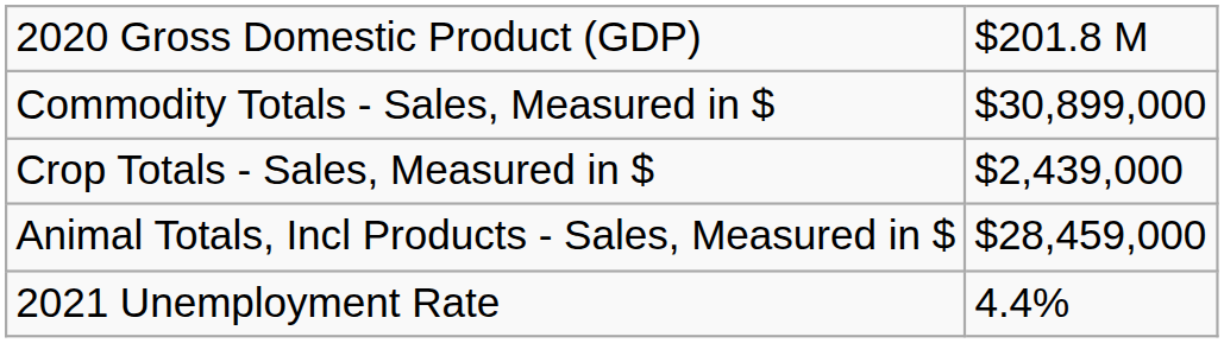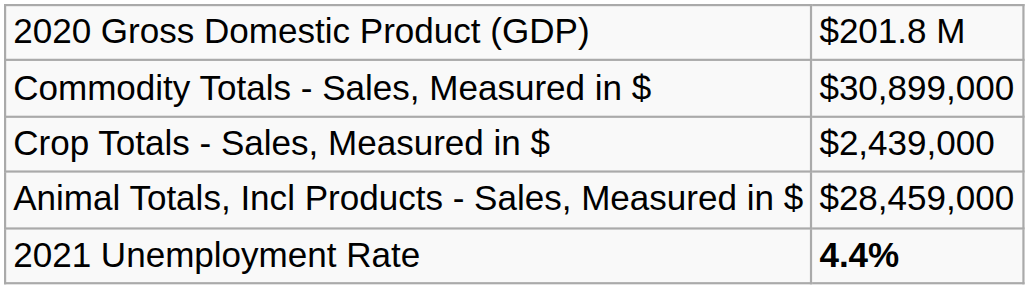 <table class="wikitable">
 <tr>
 <td>2020 Gross Domestic Product (GDP)</td>
 <td>$201.8 M</td>
 </tr>
 <tr>
 <td>Commodity Totals - Sales, Measured in $</td>
 <td>$30,899,000</td>
 </tr>
 <tr>
 <td>Crop Totals - Sales, Measured in $</td>
 <td>$2,439,000</td>
 </tr>
 <tr>
 <td>Animal Totals, Incl Products - Sales, Measured in $</td>
 <td>$28,459,000</td>
 </tr>
 <tr>
 <td>2021 Unemployment Rate</td>
-<td>4.4%</td>
+<td><strong>4.4%</strong></td>
 </tr>
 </table>
